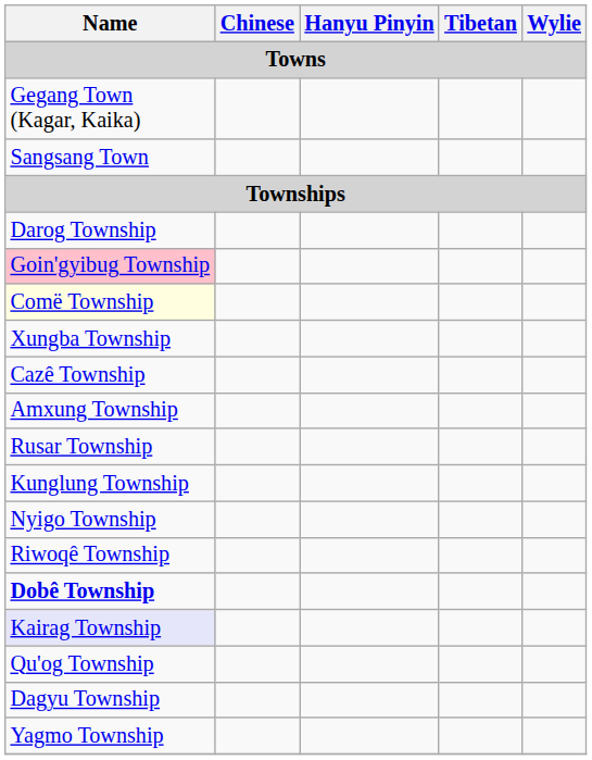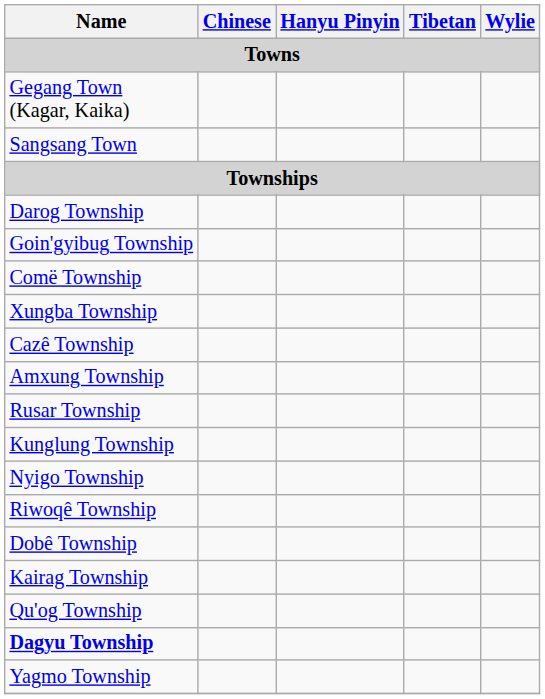 <table class="wikitable"  style="font-size:90%;" align=center>
 <tr>
 <th>Name</th>
 <th><a href='#'>Chinese</a></th>
 <th><a href='#'>Hanyu Pinyin</a></th>
 <th><a href='#'>Tibetan</a></th>
 <th><a href='#'>Wylie</a></th>
 </tr>
 <tr --------->
 <td colspan="7"  style="text-align:center; background:#d3d3d3;"><strong>Towns</strong></td>
 </tr>
 <tr --------->
 <td><a href='#'>Gegang Town</a><br>(Kagar, Kaika)</td>
 <td></td>
 <td></td>
 <td></td>
 <td></td>
 </tr>
 <tr>
 <td><a href='#'>Sangsang Town</a></td>
 <td></td>
 <td></td>
 <td></td>
 <td></td>
 </tr>
 <tr --------->
 <td colspan="7"  style="text-align:center; background:#d3d3d3;"><strong>Townships</strong></td>
 </tr>
 <tr --------->
 <td><a href='#'>Darog Township</a></td>
 <td></td>
 <td></td>
 <td></td>
 <td></td>
 </tr>
 <tr>
-<td style="background: pink;"><a href='#'>Goin'gyibug Township</a></td>
+<td><a href='#'>Goin'gyibug Township</a></td>
 <td></td>
 <td></td>
 <td></td>
 <td></td>
 </tr>
 <tr>
-<td style="background: lightyellow;"><a href='#'>Comë Township</a></td>
+<td><a href='#'>Comë Township</a></td>
 <td></td>
 <td></td>
 <td></td>
 <td></td>
 </tr>
 <tr>
 <td><a href='#'>Xungba Township</a></td>
 <td></td>
 <td></td>
 <td></td>
 <td></td>
 </tr>
 <tr>
 <td><a href='#'>Cazê Township</a></td>
 <td></td>
 <td></td>
 <td></td>
 <td></td>
 </tr>
 <tr>
 <td><a href='#'>Amxung Township</a></td>
 <td></td>
 <td></td>
 <td></td>
 <td></td>
 </tr>
 <tr>
 <td><a href='#'>Rusar Township</a></td>
 <td></td>
 <td></td>
 <td></td>
 <td></td>
 </tr>
 <tr>
 <td><a href='#'>Kunglung Township</a></td>
 <td></td>
 <td></td>
 <td></td>
 <td></td>
 </tr>
 <tr>
 <td><a href='#'>Nyigo Township</a></td>
 <td></td>
 <td></td>
 <td></td>
 <td></td>
 </tr>
 <tr>
 <td><a href='#'>Riwoqê Township</a></td>
 <td></td>
 <td></td>
 <td></td>
 <td></td>
 </tr>
 <tr>
-<td><strong><a href='#'>Dobê Township</a></strong></td>
+<td><a href='#'>Dobê Township</a></td>
 <td></td>
 <td></td>
 <td></td>
 <td></td>
 </tr>
 <tr>
-<td style="background: lavender;"><a href='#'>Kairag Township</a></td>
+<td><a href='#'>Kairag Township</a></td>
 <td></td>
 <td></td>
 <td></td>
 <td></td>
 </tr>
 <tr>
 <td><a href='#'>Qu'og Township</a></td>
 <td></td>
 <td></td>
 <td></td>
 <td></td>
 </tr>
 <tr>
-<td><a href='#'>Dagyu Township</a></td>
+<td><strong><a href='#'>Dagyu Township</a></strong></td>
 <td></td>
 <td></td>
 <td></td>
 <td></td>
 </tr>
 <tr>
 <td><a href='#'>Yagmo Township</a></td>
 <td></td>
 <td></td>
 <td></td>
 <td></td>
 </tr>
 <tr>
 </tr>
 </table>
